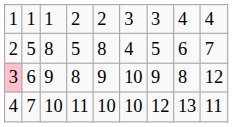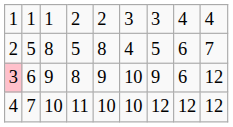 <table class="wikitable">
 <tr>
 <td>1</td>
 <td>1</td>
 <td>1</td>
 <td>2</td>
 <td>2</td>
 <td>3</td>
 <td>3</td>
 <td>4</td>
 <td>4</td>
 </tr>
 <tr>
 <td>2</td>
 <td>5</td>
 <td>8</td>
 <td>5</td>
 <td>8</td>
 <td>4</td>
 <td>5</td>
 <td>6</td>
 <td>7</td>
 </tr>
 <tr>
 <td style="background: pink;">3</td>
 <td>6</td>
 <td>9</td>
 <td>8</td>
 <td>9</td>
 <td>10</td>
 <td>9</td>
-<td>8</td>
+<td>6</td>
 <td>12</td>
 </tr>
 <tr>
 <td>4</td>
 <td>7</td>
 <td>10</td>
 <td>11</td>
 <td>10</td>
 <td>10</td>
 <td>12</td>
-<td>13</td>
-<td>11</td>
+<td>12</td>
+<td>12</td>
 </tr>
 </table>
